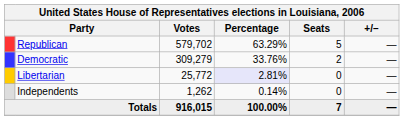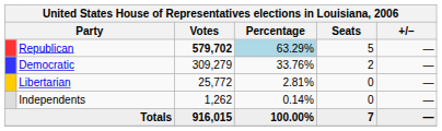 <table class="wikitable" style="font-size: 95%;">
 <tr>
 <th colspan="6">United States House of Representatives elections in Louisiana, 2006</th>
 </tr>
 <tr>
 <th colspan=2 style="width: 15em">Party</th>
 <th style="width: 5em">Votes</th>
 <th style="width: 7em">Percentage</th>
 <th style="width: 5em">Seats</th>
 <th style="width: 5em">+/–</th>
 </tr>
 <tr>
 <th style="background-color:#FF3333; width: 3px"></th>
 <td style="width: 130px"><a href='#'>Republican</a></td>
-<td align="right">579,702</td>
-<td align="right">63.29%</td>
+<td align="right"><strong>579,702</strong></td>
+<td align="right" style="background: lightblue;">63.29%</td>
 <td align="right">5</td>
 <td align="right">—</td>
 </tr>
 <tr>
 <th style="background-color:#3333FF; width: 3px"></th>
 <td style="width: 130px"><a href='#'>Democratic</a></td>
 <td align="right">309,279</td>
 <td align="right">33.76%</td>
 <td align="right">2</td>
 <td align="right">—</td>
 </tr>
 <tr>
 <th style="background-color:#FFCC00; width: 3px"></th>
 <td style="width: 130px"><a href='#'>Libertarian</a></td>
 <td align="right">25,772</td>
-<td align="right" style="background: lavender;">2.81%</td>
+<td align="right">2.81%</td>
 <td align="right">0</td>
 <td align="right">—</td>
 </tr>
 <tr>
 <th style="background-color:#DDDDDD; width: 3px"></th>
 <td style="width: 130px">Independents</td>
 <td align="right">1,262</td>
 <td align="right">0.14%</td>
 <td align="right">0</td>
 <td align="right">—</td>
 </tr>
 <tr bgcolor="#EEEEEE">
 <td colspan="2" align="right"><strong>Totals</strong></td>
 <td align="right"><strong>916,015</strong></td>
 <td align="right"><strong>100.00%</strong></td>
 <td align="right"><strong>7</strong></td>
 <td align="right"><strong>—</strong></td>
 </tr>
 <tr bgcolor="#EEEEEE">
 </tr>
 </table>
